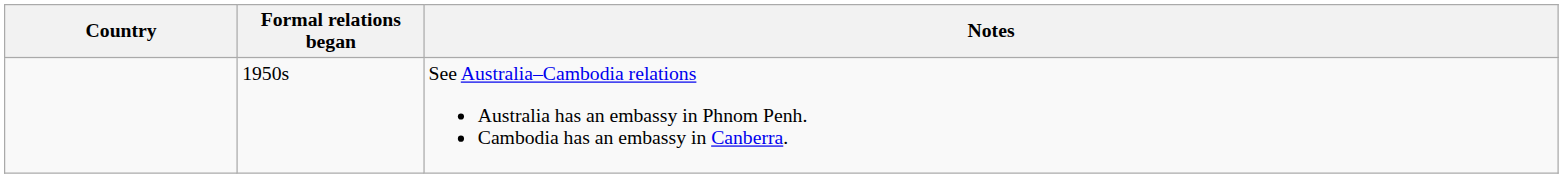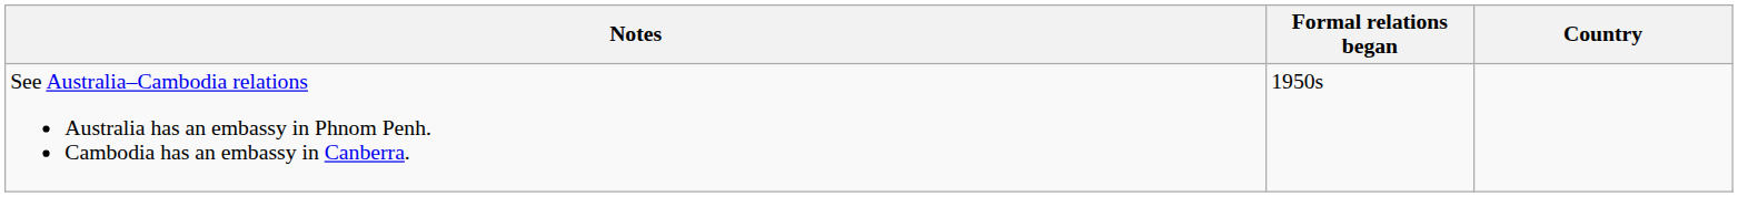 <table class="wikitable sortable" border="1" style="width:100%; margin:auto;">
 <tr>
+<th>Notes</th>
+<th width="12%">Formal relations began</th>
 <th width="15%">Country</th>
-<th width="12%">Formal relations began</th>
-<th>Notes</th>
 </tr>
 <tr valign="top">
+<td>See <a href='#'>Australia–Cambodia relations</a><br><ul><li>Australia has an embassy in Phnom Penh.</li><li>Cambodia has an embassy in <a href='#'>Canberra</a>.</li></ul></td>
+<td>1950s</td>
 <td></td>
-<td>1950s</td>
-<td>See <a href='#'>Australia–Cambodia relations</a><br><ul><li>Australia has an embassy in Phnom Penh.</li><li>Cambodia has an embassy in <a href='#'>Canberra</a>.</li></ul></td>
 </tr>
 </table>
